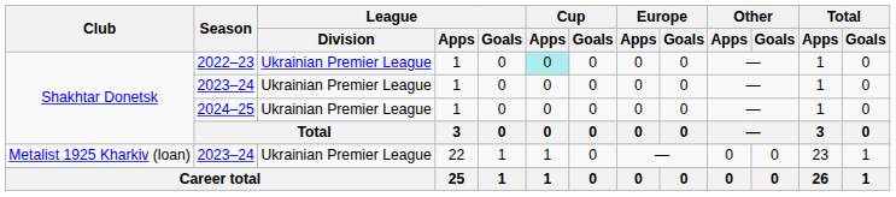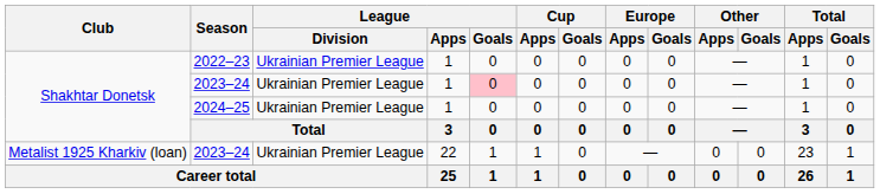 <table class="wikitable" style="text-align:center">
 <tr>
 <th rowspan="2">Club</th>
 <th rowspan="2">Season</th>
 <th colspan="3">League</th>
 <th colspan="2">Cup</th>
 <th colspan="2">Europe</th>
 <th colspan="2">Other</th>
 <th colspan="2">Total</th>
 </tr>
 <tr>
 <th>Division</th>
 <th>Apps</th>
 <th>Goals</th>
 <th>Apps</th>
 <th>Goals</th>
 <th>Apps</th>
 <th>Goals</th>
 <th>Apps</th>
 <th>Goals</th>
 <th>Apps</th>
 <th>Goals</th>
 </tr>
 <tr>
 <td rowspan="4"><a href='#'>Shakhtar Donetsk</a></td>
 <td><a href='#'>2022–23</a></td>
 <td><a href='#'>Ukrainian Premier League</a></td>
 <td>1</td>
 <td>0</td>
-<td style="background: paleturquoise;">0</td>
+<td>0</td>
 <td>0</td>
 <td>0</td>
 <td>0</td>
 <td colspan="2">—</td>
 <td>1</td>
 <td>0</td>
 </tr>
 <tr>
 <td><a href='#'>2023–24</a></td>
 <td>Ukrainian Premier League</td>
 <td>1</td>
-<td>0</td>
+<td style="background: pink;">0</td>
 <td>0</td>
 <td>0</td>
 <td>0</td>
 <td>0</td>
 <td colspan="2">—</td>
 <td>1</td>
 <td>0</td>
 </tr>
 <tr>
 <td><a href='#'>2024–25</a></td>
 <td>Ukrainian Premier League</td>
 <td>1</td>
 <td>0</td>
 <td>0</td>
 <td>0</td>
 <td>0</td>
 <td>0</td>
 <td colspan="2">—</td>
 <td>1</td>
 <td>0</td>
 </tr>
 <tr>
 <th colspan="2">Total</th>
 <th>3</th>
 <th>0</th>
 <th>0</th>
 <th>0</th>
 <th>0</th>
 <th>0</th>
 <th colspan="2">—</th>
 <th>3</th>
 <th>0</th>
 </tr>
 <tr>
 <td><a href='#'>Metalist 1925 Kharkiv</a> (loan)</td>
 <td><a href='#'>2023–24</a></td>
 <td>Ukrainian Premier League</td>
 <td>22</td>
 <td>1</td>
 <td>1</td>
 <td>0</td>
 <td colspan="2">—</td>
 <td>0</td>
 <td>0</td>
 <td>23</td>
 <td>1</td>
 </tr>
 <tr>
 <th colspan="3">Career total</th>
 <th>25</th>
 <th>1</th>
 <th>1</th>
 <th>0</th>
 <th>0</th>
 <th>0</th>
 <th>0</th>
 <th>0</th>
 <th>26</th>
 <th>1</th>
 </tr>
 </table>
